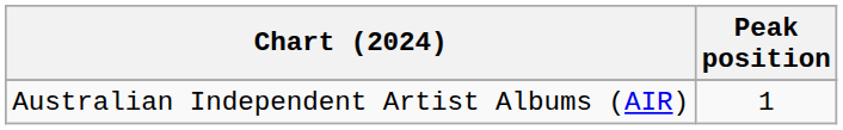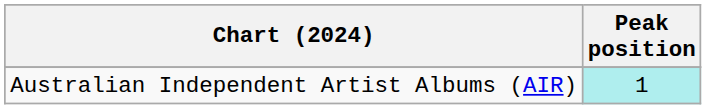 <table class="wikitable plainrowheaders sortable">
 <tr>
 <th scope="col">Chart (2024)</th>
 <th scope="col">Peak<br>position</th>
 </tr>
 <tr>
 </tr>
 <tr>
 <td scope="row">Australian Independent Artist Albums (<a href='#'>AIR</a>)</td>
-<td align="center">1</td>
+<td align="center" style="background: paleturquoise;">1</td>
 </tr>
 </table>
